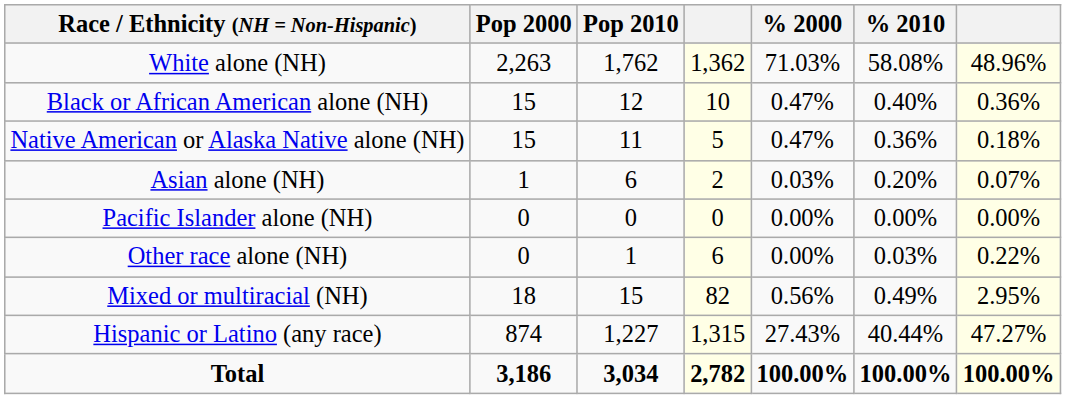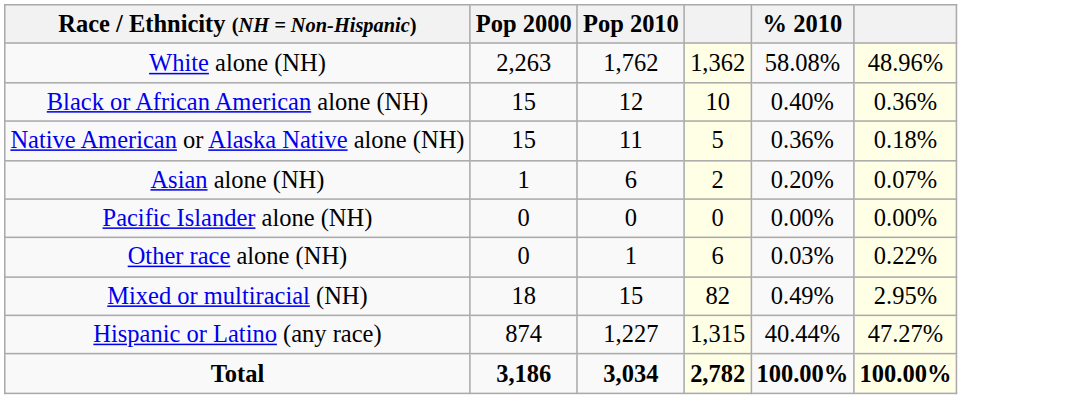 <table class="wikitable" style="text-align:center;">
 <tr>
 <th>Race / Ethnicity <small>(<em>NH = Non-Hispanic</em>)</small></th>
 <th>Pop 2000</th>
 <th>Pop 2010</th>
 <th></th>
-<th>% 2000</th>
 <th>% 2010</th>
 <th></th>
 </tr>
 <tr>
 <td><a href='#'>White</a> alone (NH)</td>
 <td>2,263</td>
 <td>1,762</td>
 <td style='background: #ffffe6;'>1,362</td>
-<td>71.03%</td>
 <td>58.08%</td>
 <td style='background: #ffffe6;'>48.96%</td>
 </tr>
 <tr>
 <td><a href='#'>Black or African American</a> alone (NH)</td>
 <td>15</td>
 <td>12</td>
 <td style='background: #ffffe6;'>10</td>
-<td>0.47%</td>
 <td>0.40%</td>
 <td style='background: #ffffe6;'>0.36%</td>
 </tr>
 <tr>
 <td><a href='#'>Native American</a> or <a href='#'>Alaska Native</a> alone (NH)</td>
 <td>15</td>
 <td>11</td>
 <td style='background: #ffffe6;'>5</td>
-<td>0.47%</td>
 <td>0.36%</td>
 <td style='background: #ffffe6;'>0.18%</td>
 </tr>
 <tr>
 <td><a href='#'>Asian</a> alone (NH)</td>
 <td>1</td>
 <td>6</td>
 <td style='background: #ffffe6;'>2</td>
-<td>0.03%</td>
 <td>0.20%</td>
 <td style='background: #ffffe6;'>0.07%</td>
 </tr>
 <tr>
 <td><a href='#'>Pacific Islander</a> alone (NH)</td>
 <td>0</td>
 <td>0</td>
 <td style='background: #ffffe6;'>0</td>
 <td>0.00%</td>
-<td>0.00%</td>
 <td style='background: #ffffe6;'>0.00%</td>
 </tr>
 <tr>
 <td><a href='#'>Other race</a> alone (NH)</td>
 <td>0</td>
 <td>1</td>
 <td style='background: #ffffe6;'>6</td>
-<td>0.00%</td>
 <td>0.03%</td>
 <td style='background: #ffffe6;'>0.22%</td>
 </tr>
 <tr>
 <td><a href='#'>Mixed or multiracial</a> (NH)</td>
 <td>18</td>
 <td>15</td>
 <td style='background: #ffffe6;'>82</td>
-<td>0.56%</td>
 <td>0.49%</td>
 <td style='background: #ffffe6;'>2.95%</td>
 </tr>
 <tr>
 <td><a href='#'>Hispanic or Latino</a> (any race)</td>
 <td>874</td>
 <td>1,227</td>
 <td style='background: #ffffe6;'>1,315</td>
-<td>27.43%</td>
 <td>40.44%</td>
 <td style='background: #ffffe6;'>47.27%</td>
 </tr>
 <tr>
 <td><strong>Total</strong></td>
 <td><strong>3,186</strong></td>
 <td><strong>3,034</strong></td>
 <td style='background: #ffffe6;'><strong>2,782</strong></td>
 <td><strong>100.00%</strong></td>
-<td><strong>100.00%</strong></td>
 <td style='background: #ffffe6;'><strong>100.00%</strong></td>
 </tr>
 </table>
